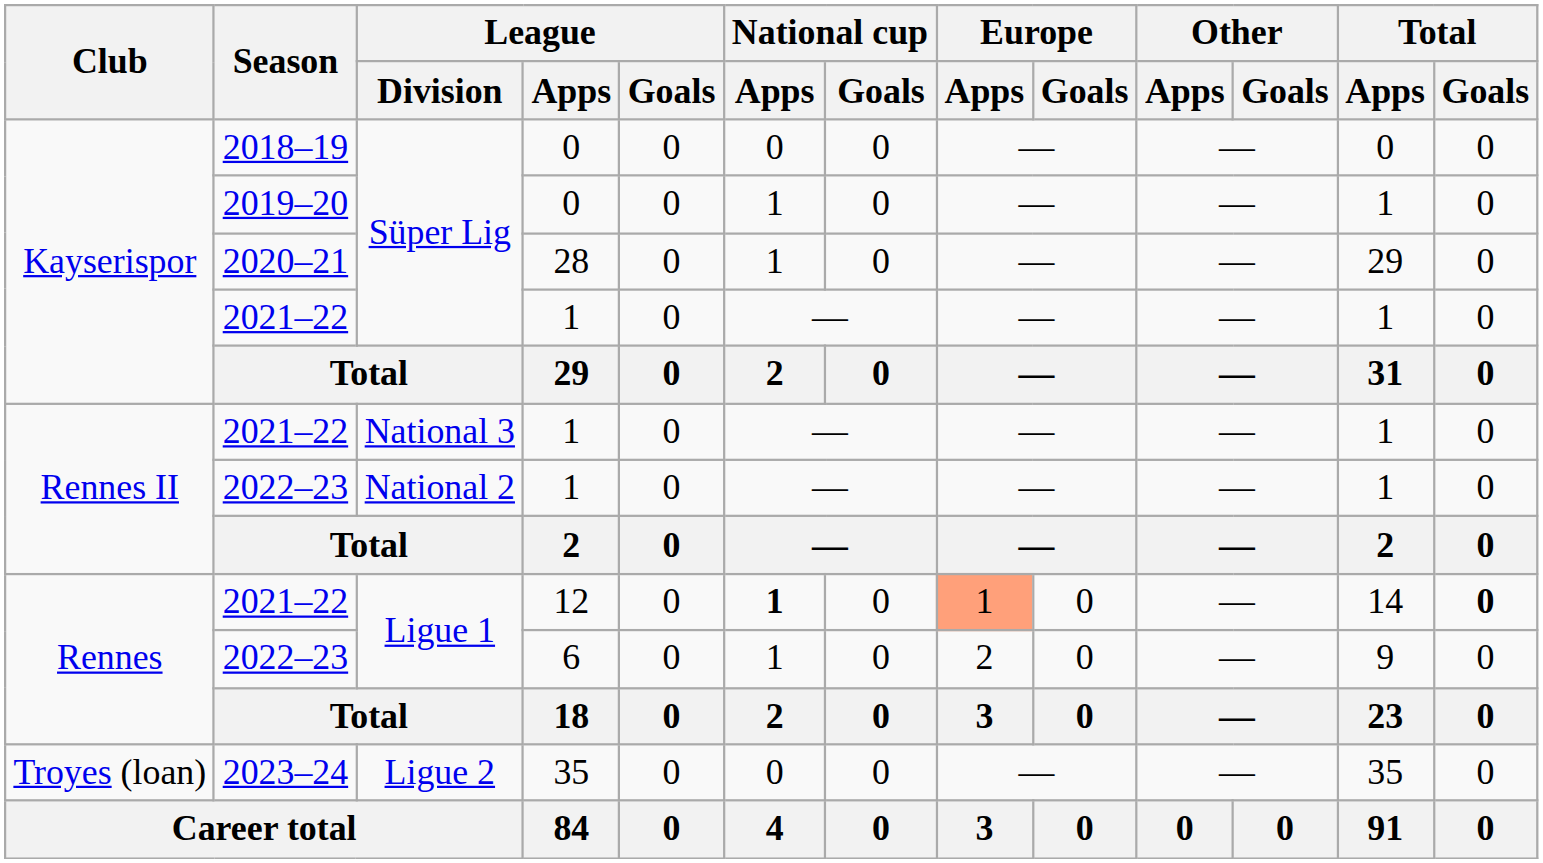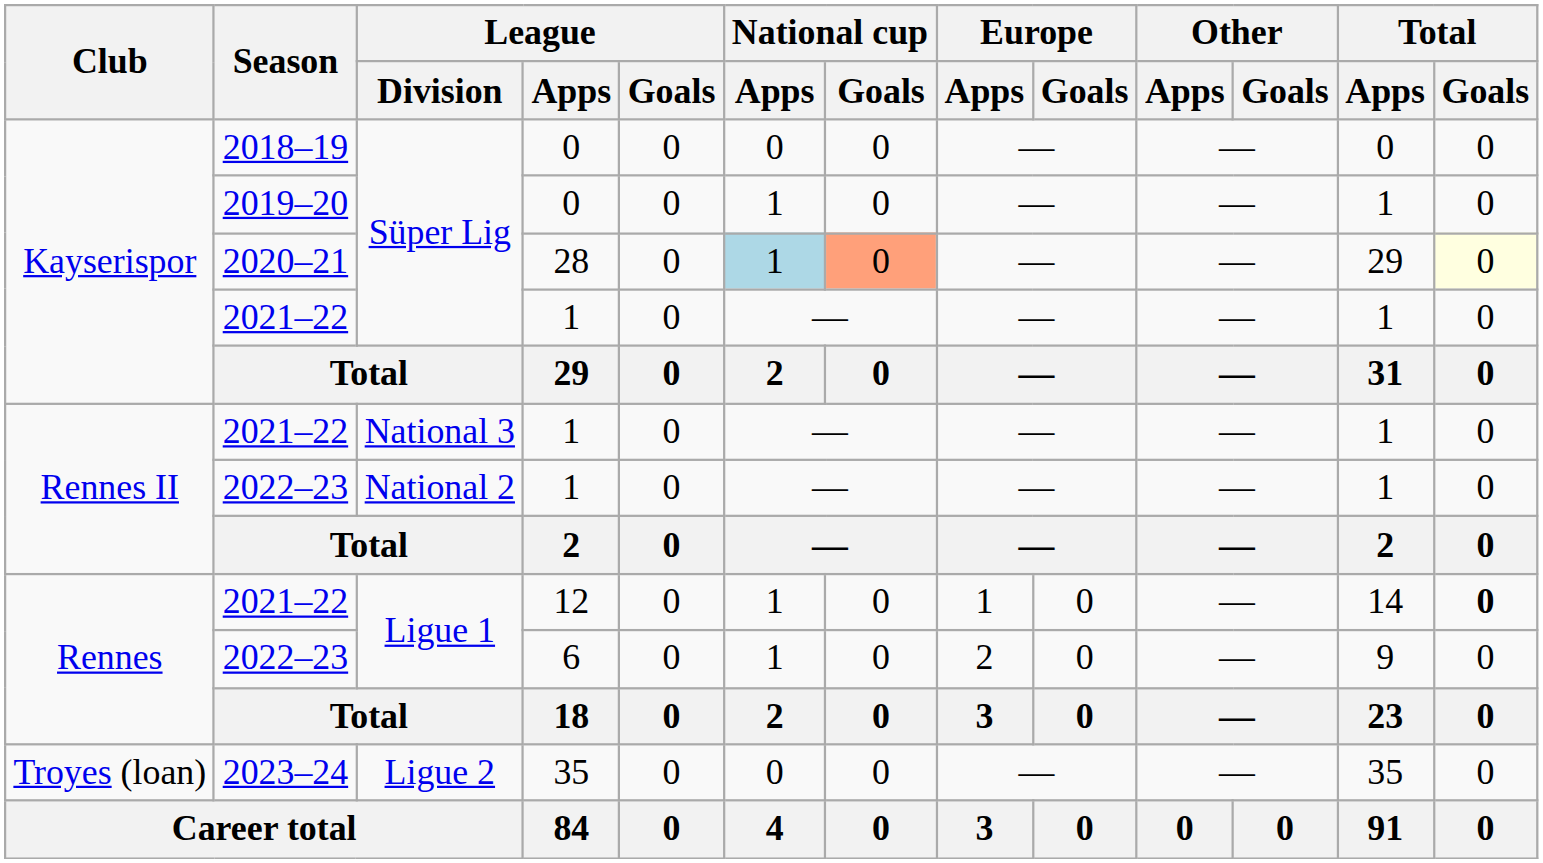 <table class="wikitable" style="text-align: center;">
 <tr>
 <th rowspan="2">Club</th>
 <th rowspan="2">Season</th>
 <th colspan="3">League</th>
 <th colspan="2">National cup</th>
 <th colspan="2">Europe</th>
 <th colspan="2">Other</th>
 <th colspan="2">Total</th>
 </tr>
 <tr>
 <th>Division</th>
 <th>Apps</th>
 <th>Goals</th>
 <th>Apps</th>
 <th>Goals</th>
 <th>Apps</th>
 <th>Goals</th>
 <th>Apps</th>
 <th>Goals</th>
 <th>Apps</th>
 <th>Goals</th>
 </tr>
 <tr>
 <td rowspan="5"><a href='#'>Kayserispor</a></td>
 <td><a href='#'>2018–19</a></td>
 <td rowspan="4"><a href='#'>Süper Lig</a></td>
 <td>0</td>
 <td>0</td>
 <td>0</td>
 <td>0</td>
 <td colspan="2">—</td>
 <td colspan="2">—</td>
 <td>0</td>
 <td>0</td>
 </tr>
 <tr>
 <td><a href='#'>2019–20</a></td>
 <td>0</td>
 <td>0</td>
 <td>1</td>
 <td>0</td>
 <td colspan="2">—</td>
 <td colspan="2">—</td>
 <td>1</td>
 <td>0</td>
 </tr>
 <tr>
 <td><a href='#'>2020–21</a></td>
 <td>28</td>
 <td>0</td>
-<td>1</td>
-<td>0</td>
+<td style="background: lightblue;">1</td>
+<td style="background: lightsalmon;">0</td>
 <td colspan="2">—</td>
 <td colspan="2">—</td>
 <td>29</td>
-<td>0</td>
+<td style="background: lightyellow;">0</td>
 </tr>
 <tr>
 <td><a href='#'>2021–22</a></td>
 <td>1</td>
 <td>0</td>
 <td colspan="2">—</td>
 <td colspan="2">—</td>
 <td colspan="2">—</td>
 <td>1</td>
 <td>0</td>
 </tr>
 <tr>
 <th colspan="2">Total</th>
 <th>29</th>
 <th>0</th>
 <th>2</th>
 <th>0</th>
 <th colspan="2">—</th>
 <th colspan="2">—</th>
 <th>31</th>
 <th>0</th>
 </tr>
 <tr>
 <td rowspan="3"><a href='#'>Rennes II</a></td>
 <td><a href='#'>2021–22</a></td>
 <td><a href='#'>National 3</a></td>
 <td>1</td>
 <td>0</td>
 <td colspan="2">—</td>
 <td colspan="2">—</td>
 <td colspan="2">—</td>
 <td>1</td>
 <td>0</td>
 </tr>
 <tr>
 <td><a href='#'>2022–23</a></td>
 <td><a href='#'>National 2</a></td>
 <td>1</td>
 <td>0</td>
 <td colspan="2">—</td>
 <td colspan="2">—</td>
 <td colspan="2">—</td>
 <td>1</td>
 <td>0</td>
 </tr>
 <tr>
 <th colspan="2">Total</th>
 <th>2</th>
 <th>0</th>
 <th colspan="2">—</th>
 <th colspan="2">—</th>
 <th colspan="2">—</th>
 <th>2</th>
 <th>0</th>
 </tr>
 <tr>
 <td rowspan="3"><a href='#'>Rennes</a></td>
 <td><a href='#'>2021–22</a></td>
 <td rowspan="2"><a href='#'>Ligue 1</a></td>
 <td>12</td>
 <td>0</td>
-<td><strong>1</strong></td>
+<td>1</td>
 <td>0</td>
-<td style="background: lightsalmon;">1</td>
+<td>1</td>
 <td>0</td>
 <td colspan="2">—</td>
 <td>14</td>
 <td><strong>0</strong></td>
 </tr>
 <tr>
 <td><a href='#'>2022–23</a></td>
 <td>6</td>
 <td>0</td>
 <td>1</td>
 <td>0</td>
 <td>2</td>
 <td>0</td>
 <td colspan="2">—</td>
 <td>9</td>
 <td>0</td>
 </tr>
 <tr>
 <th colspan="2">Total</th>
 <th>18</th>
 <th>0</th>
 <th>2</th>
 <th>0</th>
 <th>3</th>
 <th>0</th>
 <th colspan="2">—</th>
 <th>23</th>
 <th>0</th>
 </tr>
 <tr>
 <td><a href='#'>Troyes</a> (loan)</td>
 <td><a href='#'>2023–24</a></td>
 <td><a href='#'>Ligue 2</a></td>
 <td>35</td>
 <td>0</td>
 <td>0</td>
 <td>0</td>
 <td colspan="2">—</td>
 <td colspan="2">—</td>
 <td>35</td>
 <td>0</td>
 </tr>
 <tr>
 <th colspan="3">Career total</th>
 <th>84</th>
 <th>0</th>
 <th>4</th>
 <th>0</th>
 <th>3</th>
 <th>0</th>
 <th>0</th>
 <th>0</th>
 <th>91</th>
 <th>0</th>
 </tr>
 </table>
